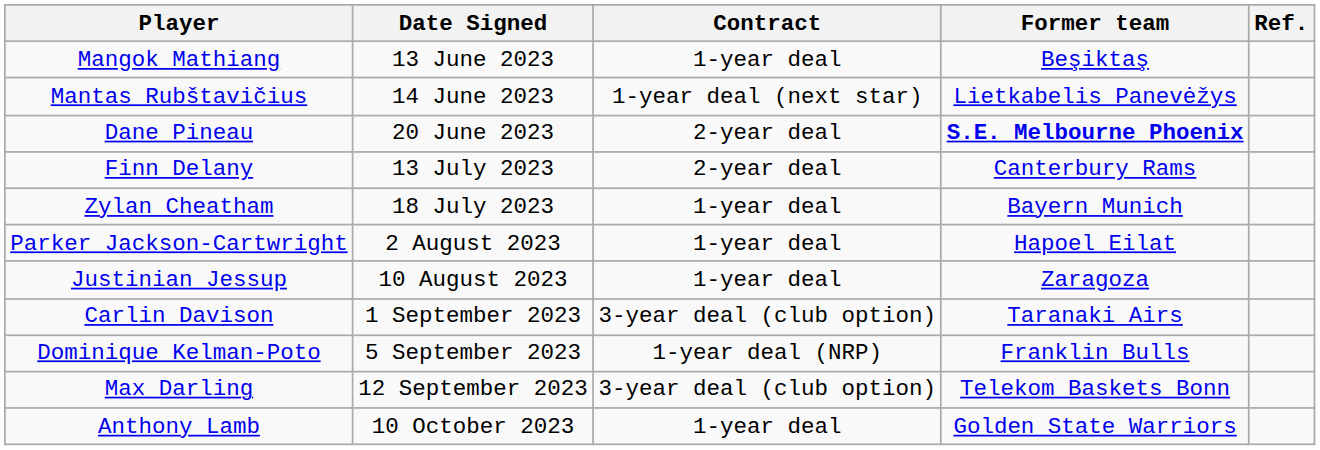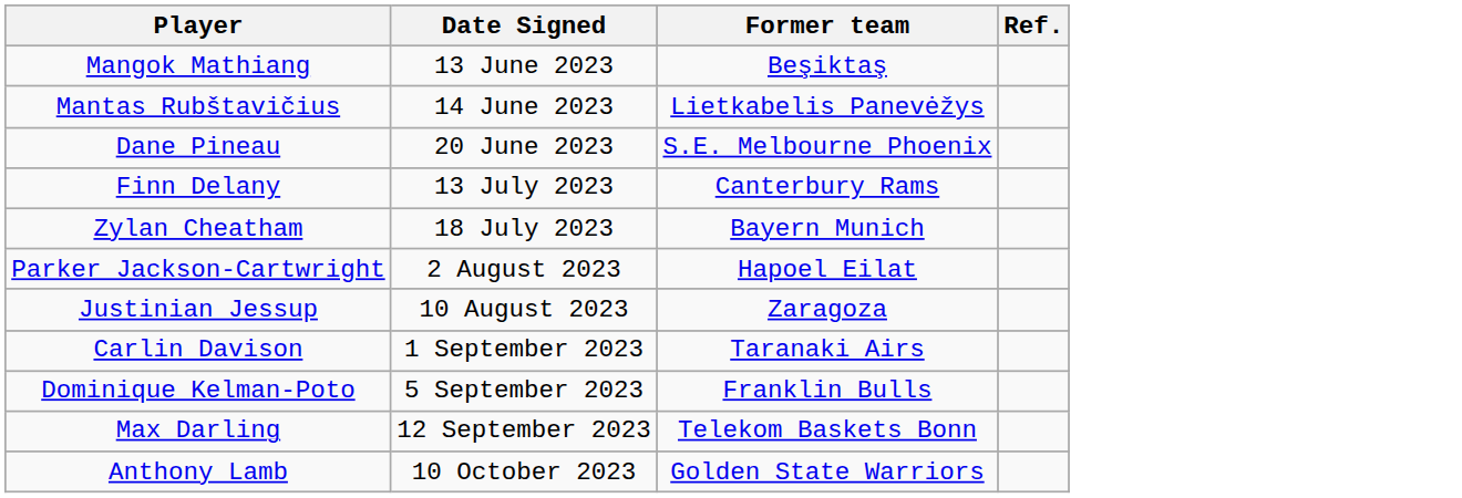 <table class="wikitable sortable sortable" style="text-align: center">
 <tr>
 <th>Player</th>
 <th>Date Signed</th>
-<th>Contract</th>
 <th>Former team</th>
 <th>Ref.</th>
 </tr>
 <tr>
 <td><a href='#'>Mangok Mathiang</a></td>
 <td>13 June 2023</td>
-<td>1-year deal</td>
 <td><a href='#'>Beşiktaş</a></td>
 <td></td>
 </tr>
 <tr>
 <td><a href='#'>Mantas Rubštavičius</a></td>
 <td>14 June 2023</td>
-<td>1-year deal (next star)</td>
 <td><a href='#'>Lietkabelis Panevėžys</a></td>
 <td></td>
 </tr>
 <tr>
 <td><a href='#'>Dane Pineau</a></td>
 <td>20 June 2023</td>
-<td>2-year deal</td>
-<td><strong><a href='#'>S.E. Melbourne Phoenix</a></strong></td>
+<td><a href='#'>S.E. Melbourne Phoenix</a></td>
 <td></td>
 </tr>
 <tr>
 <td><a href='#'>Finn Delany</a></td>
 <td>13 July 2023</td>
-<td>2-year deal</td>
 <td><a href='#'>Canterbury Rams</a></td>
 <td></td>
 </tr>
 <tr>
 <td><a href='#'>Zylan Cheatham</a></td>
 <td>18 July 2023</td>
-<td>1-year deal</td>
 <td><a href='#'>Bayern Munich</a></td>
 <td></td>
 </tr>
 <tr>
 <td><a href='#'>Parker Jackson-Cartwright</a></td>
 <td>2 August 2023</td>
-<td>1-year deal</td>
 <td><a href='#'>Hapoel Eilat</a></td>
 <td></td>
 </tr>
 <tr>
 <td><a href='#'>Justinian Jessup</a></td>
 <td>10 August 2023</td>
-<td>1-year deal</td>
 <td><a href='#'>Zaragoza</a></td>
 <td></td>
 </tr>
 <tr>
 <td><a href='#'>Carlin Davison</a></td>
 <td>1 September 2023</td>
-<td>3-year deal (club option)</td>
 <td><a href='#'>Taranaki Airs</a></td>
 <td></td>
 </tr>
 <tr>
 <td><a href='#'>Dominique Kelman-Poto</a></td>
 <td>5 September 2023</td>
-<td>1-year deal (NRP)</td>
 <td><a href='#'>Franklin Bulls</a></td>
 <td></td>
 </tr>
 <tr>
 <td><a href='#'>Max Darling</a></td>
 <td>12 September 2023</td>
-<td>3-year deal (club option)</td>
 <td><a href='#'>Telekom Baskets Bonn</a></td>
 <td></td>
 </tr>
 <tr>
 <td><a href='#'>Anthony Lamb</a></td>
 <td>10 October 2023</td>
-<td>1-year deal</td>
 <td><a href='#'>Golden State Warriors</a></td>
 <td></td>
 </tr>
 </table>
